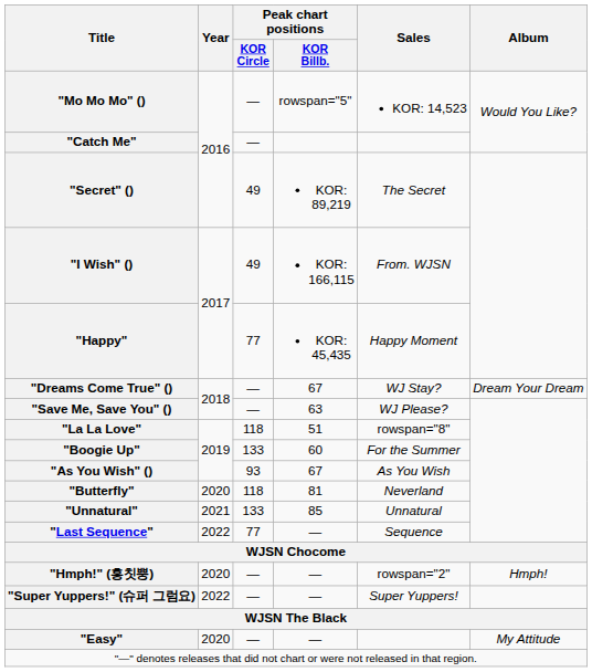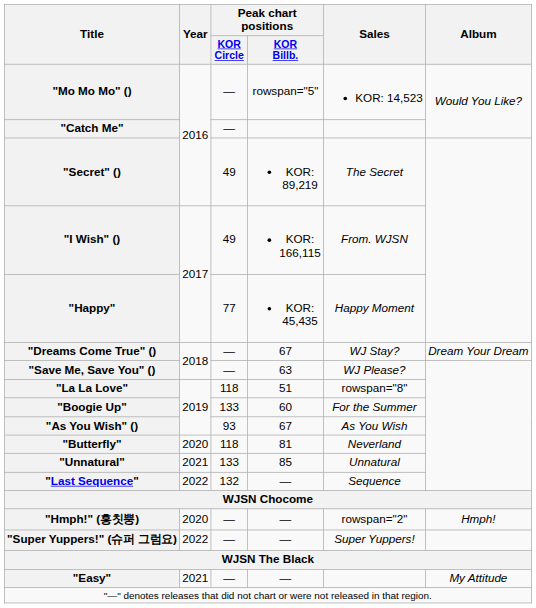 <table class="wikitable plainrowheaders" style="text-align:center;" border="1">
 <tr>
 <th scope="col" rowspan="2">Title</th>
 <th scope="col" rowspan="2">Year</th>
 <th scope="col" colspan="2">Peak chart positions</th>
 <th scope="col" rowspan="2">Sales</th>
 <th scope="col" rowspan="2">Album</th>
 </tr>
 <tr>
 <th scope="col" style="width:3em;font-size:90%;"><a href='#'>KOR<br>Circle</a><br></th>
 <th scope="col" style="width:3em;font-size:90%;"><a href='#'>KOR<br>Billb.</a><br></th>
 </tr>
 <tr>
 <th scope="row">"Mo Mo Mo" ()</th>
 <td rowspan="3">2016</td>
 <td>—</td>
 <td>rowspan="5" </td>
 <td><br><ul><li>KOR: 14,523</li></ul></td>
 <td rowspan="2"><em>Would You Like?</em></td>
 </tr>
 <tr>
 <th scope="row">"Catch Me"</th>
 <td>—</td>
 <td></td>
 </tr>
 <tr>
 <th scope="row">"Secret" ()</th>
 <td>49</td>
 <td><br><ul><li>KOR: 89,219</li></ul></td>
 <td><em>The Secret</em></td>
 </tr>
 <tr>
 <th scope="row">"I Wish" ()</th>
 <td rowspan="2">2017</td>
 <td>49</td>
 <td><br><ul><li>KOR: 166,115</li></ul></td>
 <td><em>From. WJSN</em></td>
 </tr>
 <tr>
 <th scope="row">"Happy"</th>
 <td>77</td>
 <td><br><ul><li>KOR: 45,435</li></ul></td>
 <td><em>Happy Moment</em></td>
 </tr>
 <tr>
 <th scope="row">"Dreams Come True" ()</th>
 <td rowspan="2">2018</td>
 <td>—</td>
 <td>67</td>
 <td><em>WJ Stay?</em></td>
 <td><em>Dream Your Dream</em></td>
 </tr>
 <tr>
 <th scope="row">"Save Me, Save You" ()</th>
 <td>—</td>
 <td>63</td>
 <td><em>WJ Please?</em></td>
 </tr>
 <tr>
 <th scope="row">"La La Love"</th>
 <td rowspan="3">2019</td>
 <td>118</td>
 <td>51</td>
 <td>rowspan="8" </td>
 </tr>
 <tr>
 <th scope="row">"Boogie Up"</th>
 <td>133</td>
 <td>60</td>
 <td><em>For the Summer</em></td>
 </tr>
 <tr>
 <th scope="row">"As You Wish" ()</th>
 <td>93</td>
 <td>67</td>
 <td><em>As You Wish</em></td>
 </tr>
 <tr>
 <th scope="row">"Butterfly"</th>
 <td>2020</td>
 <td>118</td>
 <td>81</td>
 <td><em>Neverland</em></td>
 </tr>
 <tr>
 <th scope="row">"Unnatural"</th>
 <td>2021</td>
 <td>133</td>
 <td>85</td>
 <td><em>Unnatural</em></td>
 </tr>
 <tr>
 <th scope="row">"<a href='#'>Last Sequence</a>"</th>
 <td>2022</td>
-<td>77</td>
+<td>132</td>
 <td>—</td>
 <td><em>Sequence</em></td>
 </tr>
 <tr>
 <th colspan="6">WJSN Chocome</th>
 </tr>
 <tr>
 <th scope="row">"Hmph!" (흥칫뿡)</th>
 <td>2020</td>
 <td>—</td>
 <td>—</td>
 <td>rowspan="2" </td>
 <td><em>Hmph!</em></td>
 </tr>
 <tr>
 <th scope="row">"Super Yuppers!" (슈퍼 그럼요)</th>
 <td>2022</td>
 <td>—</td>
 <td>—</td>
 <td><em>Super Yuppers!</em></td>
 </tr>
 <tr>
 <th colspan="6">WJSN The Black</th>
 </tr>
 <tr>
 <th scope="row">"Easy"</th>
-<td>2020</td>
+<td>2021</td>
 <td>—</td>
 <td>—</td>
 <td></td>
 <td><em>My Attitude	</em></td>
 </tr>
 <tr>
 <td colspan="8" style="font-size:85%;">"—" denotes releases that did not chart or were not released in that region.</td>
 </tr>
 </table>
